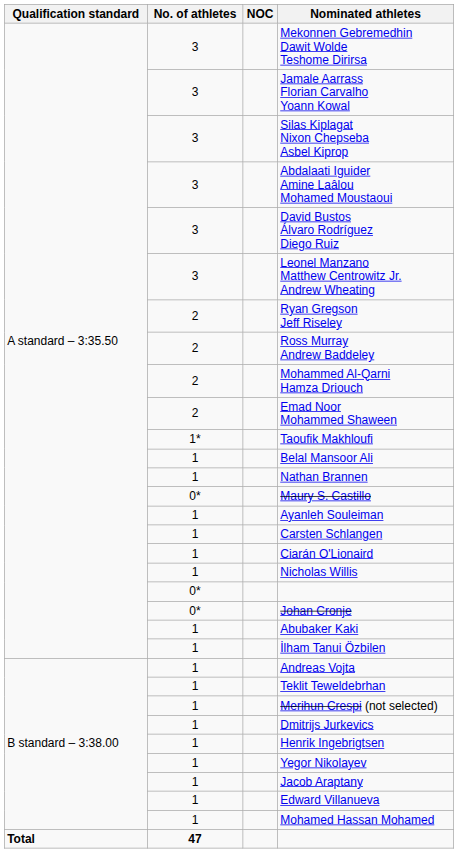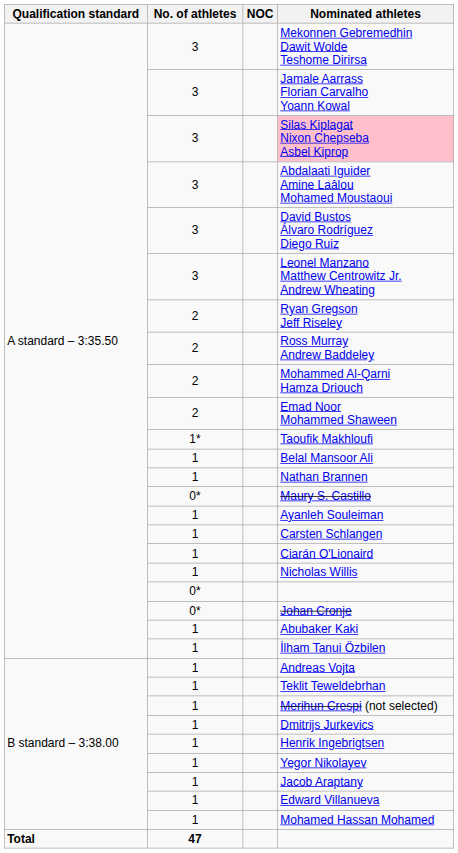 <table class="wikitable"  style="text-align:left; width:600px;">
 <tr>
 <th>Qualification standard</th>
 <th>No. of athletes</th>
 <th>NOC</th>
 <th>Nominated athletes</th>
 </tr>
 <tr>
 <td rowspan="22">A standard – 3:35.50</td>
 <td align=center>3</td>
 <td></td>
 <td><a href='#'>Mekonnen Gebremedhin</a><br><a href='#'>Dawit Wolde</a><br><a href='#'>Teshome Dirirsa</a></td>
 </tr>
 <tr>
 <td align=center>3</td>
 <td></td>
 <td><a href='#'>Jamale Aarrass</a><br><a href='#'>Florian Carvalho</a><br><a href='#'>Yoann Kowal</a></td>
 </tr>
 <tr>
 <td align=center>3</td>
 <td></td>
-<td><a href='#'>Silas Kiplagat</a> <br> <a href='#'>Nixon Chepseba</a> <br> <a href='#'>Asbel Kiprop</a></td>
+<td style="background: pink;"><a href='#'>Silas Kiplagat</a> <br> <a href='#'>Nixon Chepseba</a> <br> <a href='#'>Asbel Kiprop</a></td>
 </tr>
 <tr>
 <td align=center>3</td>
 <td></td>
 <td><a href='#'>Abdalaati Iguider</a><br><a href='#'>Amine Laâlou</a><br><a href='#'>Mohamed Moustaoui</a></td>
 </tr>
 <tr>
 <td align=center>3</td>
 <td></td>
 <td><a href='#'>David Bustos</a> <br> <a href='#'>Álvaro Rodríguez</a> <br> <a href='#'>Diego Ruiz</a></td>
 </tr>
 <tr>
 <td align=center>3</td>
 <td></td>
 <td><a href='#'>Leonel Manzano</a><br><a href='#'>Matthew Centrowitz Jr.</a><br><a href='#'>Andrew Wheating</a></td>
 </tr>
 <tr>
 <td align=center>2</td>
 <td> </td>
 <td><a href='#'>Ryan Gregson</a><br><a href='#'>Jeff Riseley</a></td>
 </tr>
 <tr>
 <td align=center>2</td>
 <td></td>
 <td><a href='#'>Ross Murray</a><br><a href='#'>Andrew Baddeley</a></td>
 </tr>
 <tr>
 <td align=center>2</td>
 <td></td>
 <td><a href='#'>Mohammed Al-Qarni</a><br><a href='#'>Hamza Driouch</a></td>
 </tr>
 <tr>
 <td align=center>2</td>
 <td></td>
 <td><a href='#'>Emad Noor</a><br><a href='#'>Mohammed Shaween</a></td>
 </tr>
 <tr>
 <td align=center>1*</td>
 <td></td>
 <td><a href='#'>Taoufik Makhloufi</a> </td>
 </tr>
 <tr>
 <td align=center>1</td>
 <td></td>
 <td><a href='#'>Belal Mansoor Ali</a></td>
 </tr>
 <tr>
 <td align=center>1</td>
 <td></td>
 <td><a href='#'>Nathan Brannen</a></td>
 </tr>
 <tr>
 <td align=center>0*</td>
 <td></td>
 <td><s><a href='#'>Maury S. Castillo</a></s></td>
 </tr>
 <tr>
 <td align=center>1</td>
 <td></td>
 <td><a href='#'>Ayanleh Souleiman</a></td>
 </tr>
 <tr>
 <td align=center>1</td>
 <td></td>
 <td><a href='#'>Carsten Schlangen</a></td>
 </tr>
 <tr>
 <td align=center>1</td>
 <td></td>
 <td><a href='#'>Ciarán O'Lionaird</a></td>
 </tr>
 <tr>
 <td align=center>1</td>
 <td></td>
 <td><a href='#'>Nicholas Willis</a></td>
 </tr>
 <tr>
 <td align=center>0*</td>
 <td></td>
 <td></td>
 </tr>
 <tr>
 <td align=center>0*</td>
 <td></td>
 <td><s><a href='#'>Johan Cronje</a></s></td>
 </tr>
 <tr>
 <td align=center>1</td>
 <td></td>
 <td><a href='#'>Abubaker Kaki</a></td>
 </tr>
 <tr>
 <td align=center>1</td>
 <td></td>
 <td><a href='#'>İlham Tanui Özbilen</a></td>
 </tr>
 <tr>
 <td rowspan="9">B standard – 3:38.00</td>
 <td align=center>1</td>
 <td></td>
 <td><a href='#'>Andreas Vojta</a></td>
 </tr>
 <tr>
 <td align=center>1</td>
 <td></td>
 <td><a href='#'>Teklit Teweldebrhan</a></td>
 </tr>
 <tr>
 <td align=center>1</td>
 <td></td>
 <td><s><a href='#'>Merihun Crespi</a></s> (not selected)</td>
 </tr>
 <tr>
 <td align=center>1</td>
 <td></td>
 <td><a href='#'>Dmitrijs Jurkevics</a></td>
 </tr>
 <tr>
 <td align=center>1</td>
 <td></td>
 <td><a href='#'>Henrik Ingebrigtsen</a></td>
 </tr>
 <tr>
 <td align=center>1</td>
 <td></td>
 <td><a href='#'>Yegor Nikolayev</a></td>
 </tr>
 <tr>
 <td align=center>1</td>
 <td></td>
 <td><a href='#'>Jacob Araptany</a></td>
 </tr>
 <tr>
 <td align=center>1</td>
 <td></td>
 <td><a href='#'>Edward Villanueva</a></td>
 </tr>
 <tr>
 <td align=center>1</td>
 <td></td>
 <td><a href='#'>Mohamed Hassan Mohamed</a></td>
 </tr>
 <tr>
 <td><strong>Total</strong></td>
 <td align=center><strong>47</strong></td>
 <td></td>
 <td></td>
 </tr>
 </table>
